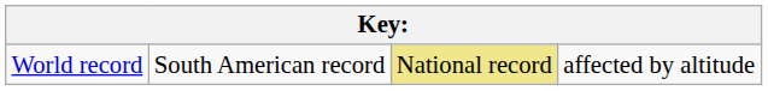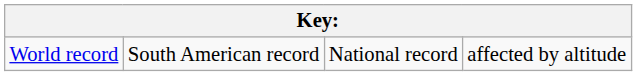 <table class="wikitable">
 <tr>
 <th colspan=4>Key:</th>
 </tr>
 <tr>
 <td><a href='#'>World record</a></td>
 <td>South American record</td>
-<td style="background: khaki;">National record</td>
+<td>National record</td>
 <td>affected by altitude</td>
 </tr>
 </table>
